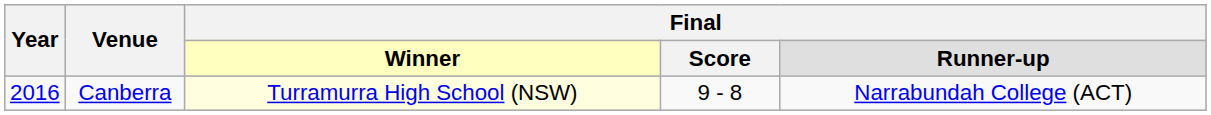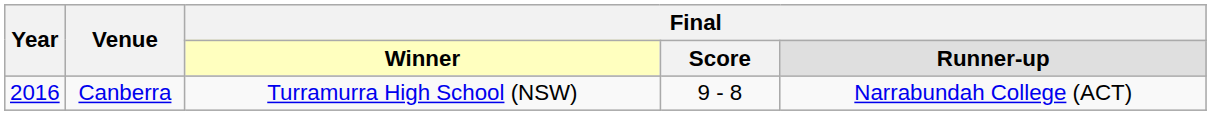 <table class="wikitable" style="font-size: 90%; text-align: center;">
 <tr>
 <th rowspan="2" style="width:5%;">Year</th>
 <th rowspan="2" style="width:10%;">Venue</th>
 <th colspan="3">Final</th>
 </tr>
 <tr>
 <td style="text-align:center;background:#ffffbf;"><strong>Winner</strong></td>
 <th style="width:10%;">Score</th>
 <td style="text-align:center; background:#dfdfdf;"><strong>Runner-up</strong></td>
 </tr>
 <tr>
 <td><a href='#'>2016</a></td>
 <td><a href='#'>Canberra</a></td>
-<td style="background: lightyellow;"><a href='#'>Turramurra High School</a> (NSW)</td>
+<td><a href='#'>Turramurra High School</a> (NSW)</td>
 <td>9 - 8</td>
 <td><a href='#'>Narrabundah College</a> (ACT)</td>
 </tr>
 </table>
